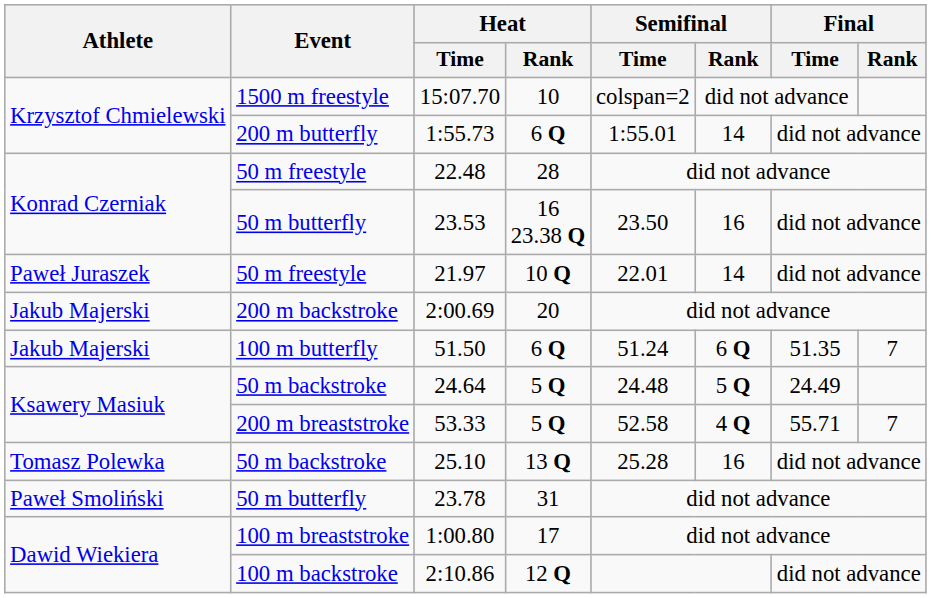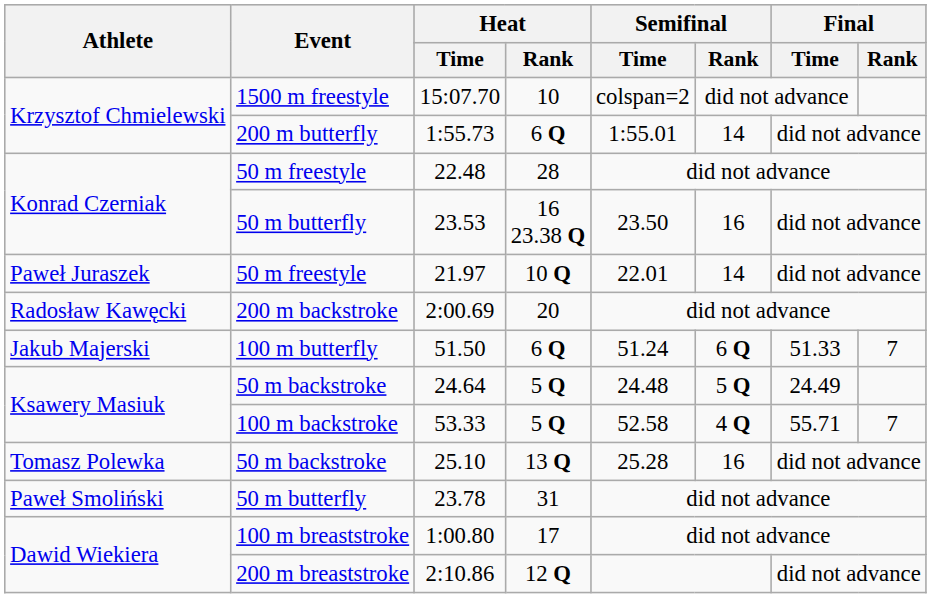 <table class="wikitable" style="text-align:center; font-size:90%">
 <tr>
 <th rowspan="2">Athlete</th>
 <th rowspan="2">Event</th>
 <th colspan="2">Heat</th>
 <th colspan="2">Semifinal</th>
 <th colspan="2">Final</th>
 </tr>
 <tr style="font-size:95%">
 <th>Time</th>
 <th>Rank</th>
 <th>Time</th>
 <th>Rank</th>
 <th>Time</th>
 <th>Rank</th>
 </tr>
 <tr>
 <td rowspan=2 align=left><a href='#'>Krzysztof Chmielewski</a></td>
 <td align=left><a href='#'>1500 m freestyle</a></td>
 <td>15:07.70</td>
 <td>10</td>
 <td>colspan=2 </td>
 <td colspan=2>did not advance</td>
 </tr>
 <tr>
 <td align=left><a href='#'>200 m butterfly</a></td>
 <td>1:55.73</td>
 <td>6 <strong>Q</strong></td>
 <td>1:55.01</td>
 <td>14</td>
 <td colspan=2>did not advance</td>
 </tr>
 <tr>
 <td rowspan=2 align=left><a href='#'>Konrad Czerniak</a></td>
 <td align=left><a href='#'>50 m freestyle</a></td>
 <td>22.48</td>
 <td>28</td>
 <td colspan=4>did not advance</td>
 </tr>
 <tr>
 <td align=left><a href='#'>50 m butterfly</a></td>
 <td>23.53</td>
 <td>16 <br>23.38 <strong>Q</strong></td>
 <td>23.50</td>
 <td>16</td>
 <td colspan=2>did not advance</td>
 </tr>
 <tr>
 <td align=left><a href='#'>Paweł Juraszek</a></td>
 <td align=left><a href='#'>50 m freestyle</a></td>
 <td>21.97</td>
 <td>10 <strong>Q</strong></td>
 <td>22.01</td>
 <td>14</td>
 <td colspan=2>did not advance</td>
 </tr>
 <tr>
-<td align=left><a href='#'>Jakub Majerski</a></td>
+<td align=left><a href='#'>Radosław Kawęcki</a></td>
 <td align=left><a href='#'>200 m backstroke</a></td>
 <td>2:00.69</td>
 <td>20</td>
 <td colspan=4>did not advance</td>
 </tr>
 <tr>
 <td align=left><a href='#'>Jakub Majerski</a></td>
 <td align=left><a href='#'>100 m butterfly</a></td>
 <td>51.50</td>
 <td>6 <strong>Q</strong></td>
 <td>51.24</td>
 <td>6 <strong>Q</strong></td>
-<td>51.35</td>
+<td>51.33</td>
 <td>7</td>
 </tr>
 <tr>
 <td rowspan=2 align=left><a href='#'>Ksawery Masiuk</a></td>
 <td align=left><a href='#'>50 m backstroke</a></td>
 <td>24.64</td>
 <td>5 <strong>Q</strong></td>
 <td>24.48</td>
 <td>5 <strong>Q</strong></td>
 <td>24.49</td>
 <td></td>
 </tr>
 <tr>
-<td align=left><a href='#'>200 m breaststroke</a></td>
+<td align=left><a href='#'>100 m backstroke</a></td>
 <td>53.33</td>
 <td>5 <strong>Q</strong></td>
 <td>52.58</td>
 <td>4 <strong>Q</strong></td>
 <td>55.71</td>
 <td>7</td>
 </tr>
 <tr>
 <td align=left><a href='#'>Tomasz Polewka</a></td>
 <td align=left><a href='#'>50 m backstroke</a></td>
 <td>25.10</td>
 <td>13 <strong>Q</strong></td>
 <td>25.28</td>
 <td>16</td>
 <td colspan=2>did not advance</td>
 </tr>
 <tr>
 <td align=left><a href='#'>Paweł Smoliński</a></td>
 <td align=left><a href='#'>50 m butterfly</a></td>
 <td>23.78</td>
 <td>31</td>
 <td colspan=4>did not advance</td>
 </tr>
 <tr>
 <td rowspan=2 align=left><a href='#'>Dawid Wiekiera</a></td>
 <td align=left><a href='#'>100 m breaststroke</a></td>
 <td>1:00.80</td>
 <td>17</td>
 <td colspan=4>did not advance</td>
 </tr>
 <tr>
-<td align=left><a href='#'>100 m backstroke</a></td>
+<td align=left><a href='#'>200 m breaststroke</a></td>
 <td>2:10.86</td>
 <td>12 <strong>Q</strong></td>
 <td colspan=2></td>
 <td colspan=2>did not advance</td>
 </tr>
 </table>
